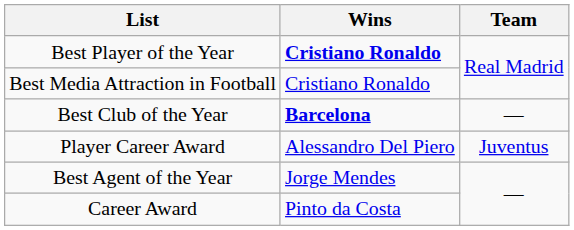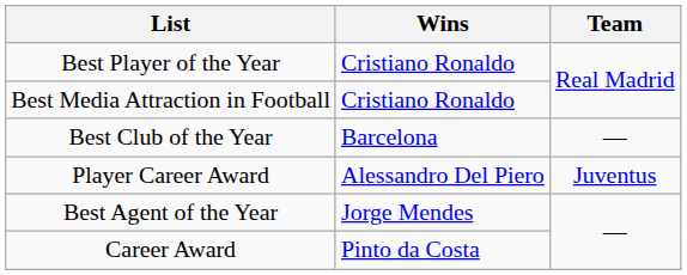 <table class="wikitable">
 <tr>
 <th>List</th>
 <th>Wins</th>
 <th>Team</th>
 </tr>
 <tr>
 <td rowspan="1" align="center">Best Player of the Year</td>
-<td align="left"><strong> <a href='#'>Cristiano Ronaldo</a></strong></td>
+<td align="left"> <a href='#'>Cristiano Ronaldo</a></td>
 <td rowspan="2" align="center"> <a href='#'>Real Madrid</a></td>
 </tr>
 <tr>
 <td rowspan="1" align="center">Best Media Attraction in Football</td>
 <td align="left"> <a href='#'>Cristiano Ronaldo</a></td>
 </tr>
 <tr>
 <td rowspan="1" align="center">Best Club of the Year</td>
-<td align="left"><strong> <a href='#'>Barcelona</a></strong></td>
+<td align="left"> <a href='#'>Barcelona</a></td>
 <td rowspan="1" align="center">—</td>
 </tr>
 <tr>
 <td rowspan="1" align="center">Player Career Award</td>
 <td align="left"> <a href='#'>Alessandro Del Piero</a></td>
 <td rowspan="1" align="center"> <a href='#'>Juventus</a></td>
 </tr>
 <tr>
 <td rowspan="1" align="center">Best Agent of the Year</td>
 <td align="left"> <a href='#'>Jorge Mendes</a></td>
 <td rowspan="2" align="center">—</td>
 </tr>
 <tr>
 <td rowspan="1" align="center">Career Award</td>
 <td align="left"> <a href='#'>Pinto da Costa</a></td>
 </tr>
 </table>
